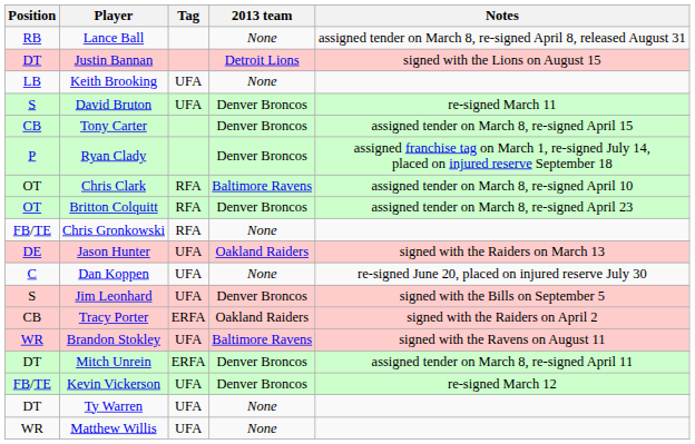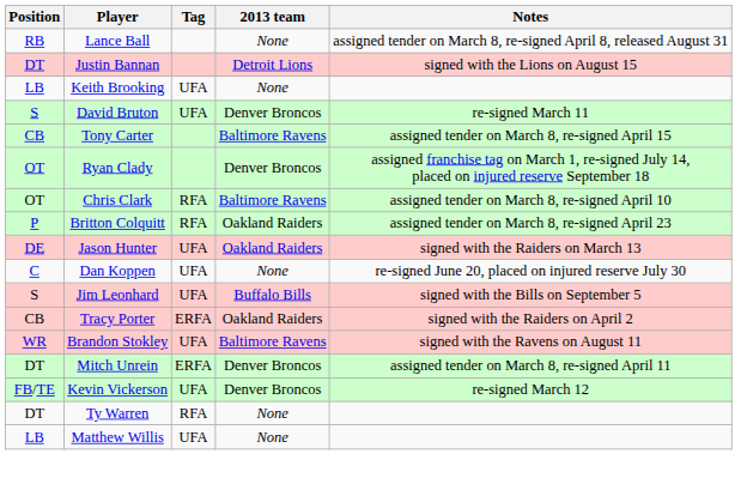 <table class="wikitable" style="text-align:center">
 <tr>
 <th>Position</th>
 <th>Player</th>
 <th>Tag</th>
 <th>2013 team</th>
 <th>Notes</th>
 </tr>
 <tr>
 <td><a href='#'>RB</a></td>
 <td><a href='#'>Lance Ball</a></td>
 <td></td>
 <td><em>None</em></td>
 <td>assigned tender on March 8, re-signed April 8, released August 31</td>
 </tr>
 <tr style="background:#fcc">
 <td><a href='#'>DT</a></td>
 <td><a href='#'>Justin Bannan</a></td>
 <td></td>
 <td><a href='#'>Detroit Lions</a></td>
 <td>signed with the Lions on August 15</td>
 </tr>
 <tr>
 <td><a href='#'>LB</a></td>
 <td><a href='#'>Keith Brooking</a></td>
 <td>UFA</td>
 <td><em>None</em></td>
 <td></td>
 </tr>
 <tr style="background:#cfc">
 <td><a href='#'>S</a></td>
 <td><a href='#'>David Bruton</a></td>
 <td>UFA</td>
 <td>Denver Broncos</td>
 <td>re-signed March 11</td>
 </tr>
 <tr style="background:#cfc">
 <td><a href='#'>CB</a></td>
 <td><a href='#'>Tony Carter</a></td>
 <td></td>
-<td>Denver Broncos</td>
+<td><a href='#'>Baltimore Ravens</a></td>
 <td>assigned tender on March 8, re-signed April 15</td>
 </tr>
 <tr style="background:#cfc">
-<td><a href='#'>P</a></td>
+<td><a href='#'>OT</a></td>
 <td><a href='#'>Ryan Clady</a></td>
 <td></td>
 <td>Denver Broncos</td>
 <td>assigned <a href='#'>franchise tag</a> on March 1, re-signed July 14,<br>placed on <a href='#'>injured reserve</a> September 18</td>
 </tr>
 <tr style="background:#cfc">
 <td>OT</td>
 <td><a href='#'>Chris Clark</a></td>
 <td>RFA</td>
 <td><a href='#'>Baltimore Ravens</a></td>
 <td>assigned tender on March 8, re-signed April 10</td>
 </tr>
 <tr style="background:#cfc">
-<td><a href='#'>OT</a></td>
+<td><a href='#'>P</a></td>
 <td><a href='#'>Britton Colquitt</a></td>
 <td>RFA</td>
-<td>Denver Broncos</td>
+<td>Oakland Raiders</td>
 <td>assigned tender on March 8, re-signed April 23</td>
-</tr>
-<tr>
-<td><a href='#'>FB</a>/<a href='#'>TE</a></td>
-<td><a href='#'>Chris Gronkowski</a></td>
-<td>RFA</td>
-<td><em>None</em></td>
-<td></td>
 </tr>
 <tr style="background:#fcc">
 <td><a href='#'>DE</a></td>
 <td><a href='#'>Jason Hunter</a></td>
 <td>UFA</td>
 <td><a href='#'>Oakland Raiders</a></td>
 <td>signed with the Raiders on March 13</td>
 </tr>
 <tr>
 <td><a href='#'>C</a></td>
 <td><a href='#'>Dan Koppen</a></td>
 <td>UFA</td>
 <td><em>None</em></td>
 <td>re-signed June 20, placed on injured reserve July 30</td>
 </tr>
 <tr style="background:#fcc">
 <td>S</td>
 <td><a href='#'>Jim Leonhard</a></td>
 <td>UFA</td>
-<td>Denver Broncos</td>
+<td><a href='#'>Buffalo Bills</a></td>
 <td>signed with the Bills on September 5 </td>
 </tr>
 <tr style="background:#fcc">
 <td>CB</td>
 <td><a href='#'>Tracy Porter</a></td>
 <td>ERFA</td>
 <td>Oakland Raiders</td>
 <td>signed with the Raiders on April 2</td>
 </tr>
 <tr style="background:#fcc">
 <td><a href='#'>WR</a></td>
 <td><a href='#'>Brandon Stokley</a></td>
 <td>UFA</td>
 <td><a href='#'>Baltimore Ravens</a></td>
 <td>signed with the Ravens on August 11</td>
 </tr>
 <tr style="background:#cfc">
 <td>DT</td>
 <td><a href='#'>Mitch Unrein</a></td>
 <td>ERFA</td>
 <td>Denver Broncos</td>
 <td>assigned tender on March 8, re-signed April 11</td>
 </tr>
 <tr style="background:#cfc">
 <td><a href='#'>FB</a>/<a href='#'>TE</a></td>
 <td><a href='#'>Kevin Vickerson</a></td>
 <td>UFA</td>
 <td>Denver Broncos</td>
 <td>re-signed March 12</td>
 </tr>
 <tr>
 <td>DT</td>
 <td><a href='#'>Ty Warren</a></td>
-<td>UFA</td>
+<td>RFA</td>
 <td><em>None</em></td>
 <td></td>
 </tr>
 <tr>
-<td>WR</td>
+<td><a href='#'>LB</a></td>
 <td><a href='#'>Matthew Willis</a></td>
 <td>UFA</td>
 <td><em>None</em></td>
 <td></td>
 </tr>
 </table>
